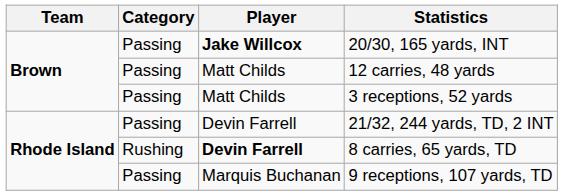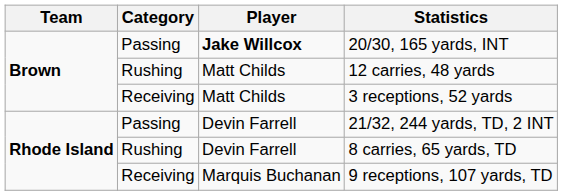 <table class="wikitable" style="float: right;">
 <tr>
 <th>Team</th>
 <th>Category</th>
 <th>Player</th>
 <th>Statistics</th>
 </tr>
 <tr>
 <td rowspan=3><strong>Brown</strong></td>
 <td>Passing</td>
 <td><strong>Jake Willcox</strong></td>
 <td>20/30, 165 yards, INT</td>
 </tr>
 <tr>
-<td>Passing</td>
+<td>Rushing</td>
 <td>Matt Childs</td>
 <td>12 carries, 48 yards</td>
 </tr>
 <tr>
-<td>Passing</td>
+<td>Receiving</td>
 <td>Matt Childs</td>
 <td>3 receptions, 52 yards</td>
 </tr>
 <tr>
 <td rowspan=3><strong>Rhode Island</strong></td>
 <td>Passing</td>
 <td>Devin Farrell</td>
 <td>21/32, 244 yards, TD, 2 INT</td>
 </tr>
 <tr>
 <td>Rushing</td>
-<td><strong>Devin Farrell</strong></td>
+<td>Devin Farrell</td>
 <td>8 carries, 65 yards, TD</td>
 </tr>
 <tr>
-<td>Passing</td>
+<td>Receiving</td>
 <td>Marquis Buchanan</td>
 <td>9 receptions, 107 yards, TD</td>
 </tr>
 </table>
